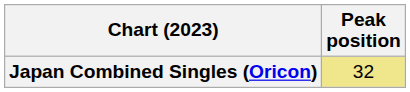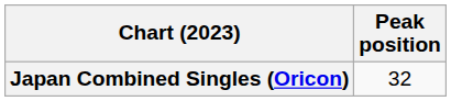 <table class="wikitable sortable plainrowheaders" style="text-align:center">
 <tr>
 <th scope="col">Chart (2023)</th>
 <th scope="col">Peak<br>position</th>
 </tr>
 <tr>
 <th scope="row">Japan Combined Singles (<a href='#'>Oricon</a>)</th>
-<td style="background: khaki;">32</td>
+<td>32</td>
 </tr>
 </table>
